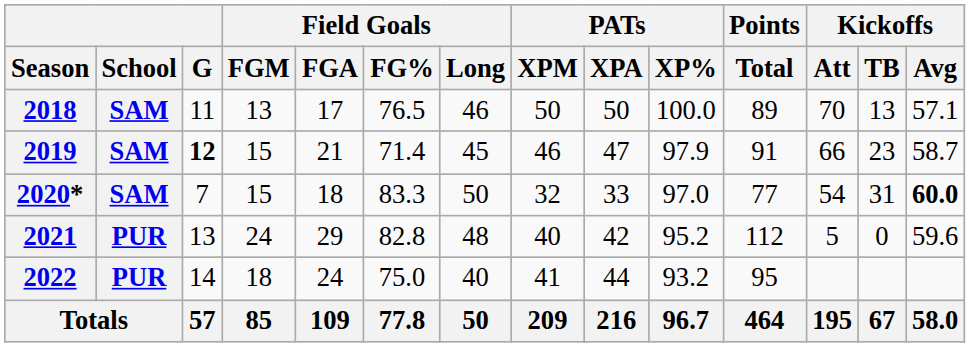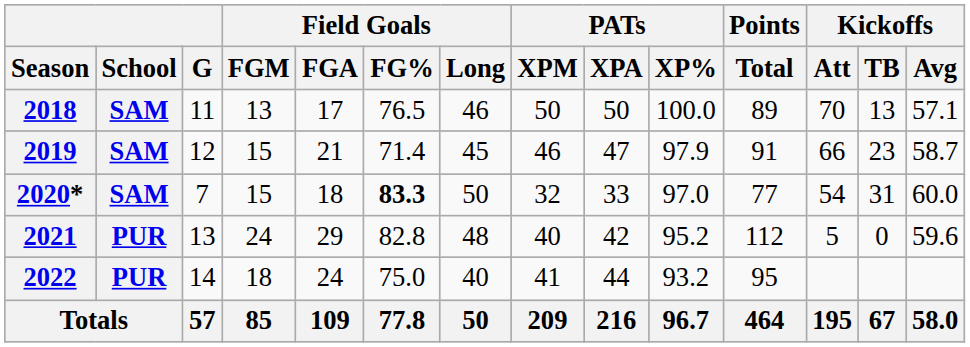 <table class="wikitable" style="text-align:center;">
 <tr>
 <th colspan="3"></th>
 <th colspan="4"><strong>Field Goals</strong></th>
 <th colspan="3"><strong>PATs</strong></th>
 <th><strong>Points</strong></th>
 <th colspan="3"><strong>Kickoffs</strong></th>
 </tr>
 <tr>
 <th><strong>Season</strong></th>
 <th><strong>School</strong></th>
 <th><strong>G</strong></th>
 <th><strong>FGM</strong></th>
 <th><strong>FGA</strong></th>
 <th>FG%</th>
 <th><strong>Long</strong></th>
 <th><strong>XPM</strong></th>
 <th><strong>XPA</strong></th>
 <th><strong>XP%</strong></th>
 <th><strong>Total</strong></th>
 <th><strong>Att</strong></th>
 <th><strong>TB</strong></th>
 <th><strong>Avg</strong></th>
 </tr>
 <tr>
 <th><strong><a href='#'>2018</a></strong></th>
 <th><strong><a href='#'>SAM</a></strong></th>
 <td>11</td>
 <td>13</td>
 <td>17</td>
 <td>76.5</td>
 <td>46</td>
 <td>50</td>
 <td>50</td>
 <td>100.0</td>
 <td>89</td>
 <td>70</td>
 <td>13</td>
 <td>57.1</td>
 </tr>
 <tr>
 <th><strong><a href='#'>2019</a></strong></th>
 <th><strong><a href='#'>SAM</a></strong></th>
-<td><strong>12</strong></td>
+<td>12</td>
 <td>15</td>
 <td>21</td>
 <td>71.4</td>
 <td>45</td>
 <td>46</td>
 <td>47</td>
 <td>97.9</td>
 <td>91</td>
 <td>66</td>
 <td>23</td>
 <td>58.7</td>
 </tr>
 <tr>
 <th><strong><a href='#'>2020</a>*</strong></th>
 <th><strong><a href='#'>SAM</a></strong></th>
 <td>7</td>
 <td>15</td>
 <td>18</td>
-<td>83.3</td>
+<td><strong>83.3</strong></td>
 <td>50</td>
 <td>32</td>
 <td>33</td>
 <td>97.0</td>
 <td>77</td>
 <td>54</td>
 <td>31</td>
-<td><strong>60.0</strong></td>
+<td>60.0</td>
 </tr>
 <tr>
 <th><strong><a href='#'>2021</a></strong></th>
 <th><strong><a href='#'>PUR</a></strong></th>
 <td>13</td>
 <td>24</td>
 <td>29</td>
 <td>82.8</td>
 <td>48</td>
 <td>40</td>
 <td>42</td>
 <td>95.2</td>
 <td>112</td>
 <td>5</td>
 <td>0</td>
 <td>59.6</td>
 </tr>
 <tr>
 <th><strong><a href='#'>2022</a></strong></th>
 <th><strong><a href='#'>PUR</a></strong></th>
 <td>14</td>
 <td>18</td>
 <td>24</td>
 <td>75.0</td>
 <td>40</td>
 <td>41</td>
 <td>44</td>
 <td>93.2</td>
 <td>95</td>
 <td></td>
 <td></td>
 <td></td>
 </tr>
 <tr>
 <th colspan="2"><strong>Totals</strong></th>
 <th>57</th>
 <th>85</th>
 <th>109</th>
 <th>77.8</th>
 <th><strong>50</strong></th>
 <th>209</th>
 <th>216</th>
 <th>96.7</th>
 <th>464</th>
 <th><strong>195</strong></th>
 <th><strong>67</strong></th>
 <th><strong>58.0</strong></th>
 </tr>
 </table>
